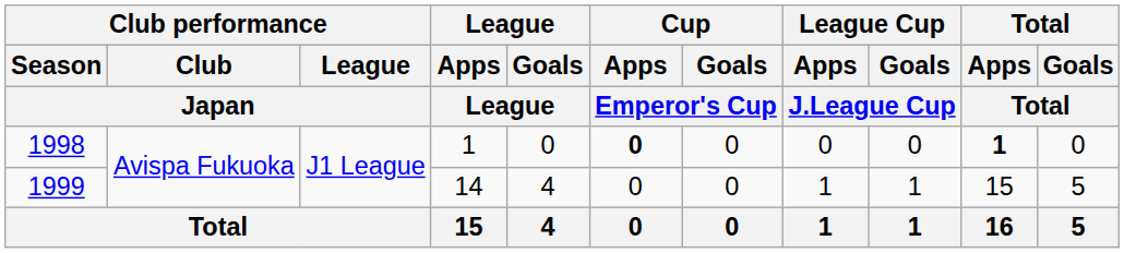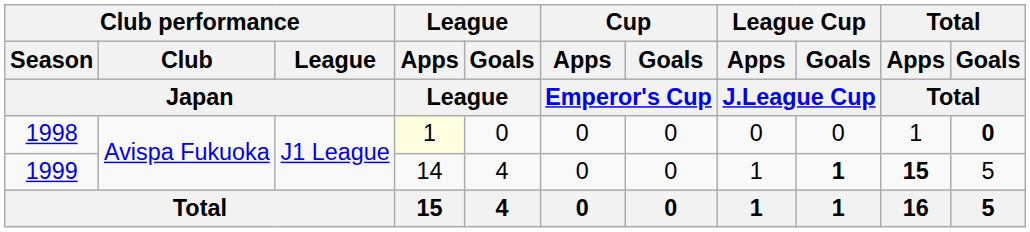 <table class="wikitable" style="text-align:center;">
 <tr>
 <th colspan=3>Club performance</th>
 <th colspan=2>League</th>
 <th colspan=2>Cup</th>
 <th colspan=2>League Cup</th>
 <th colspan=2>Total</th>
 </tr>
 <tr>
 <th>Season</th>
 <th>Club</th>
 <th>League</th>
 <th>Apps</th>
 <th>Goals</th>
 <th>Apps</th>
 <th>Goals</th>
 <th>Apps</th>
 <th>Goals</th>
 <th>Apps</th>
 <th>Goals</th>
 </tr>
 <tr>
 <th colspan=3>Japan</th>
 <th colspan=2>League</th>
 <th colspan=2><a href='#'>Emperor's Cup</a></th>
 <th colspan=2><a href='#'>J.League Cup</a></th>
 <th colspan=2>Total</th>
 </tr>
 <tr>
 <td><a href='#'>1998</a></td>
 <td rowspan="2"><a href='#'>Avispa Fukuoka</a></td>
 <td rowspan="2"><a href='#'>J1 League</a></td>
-<td>1</td>
-<td>0</td>
-<td><strong>0</strong></td>
+<td style="background: lightyellow;">1</td>
 <td>0</td>
 <td>0</td>
 <td>0</td>
-<td><strong>1</strong></td>
 <td>0</td>
+<td>0</td>
+<td>1</td>
+<td><strong>0</strong></td>
 </tr>
 <tr>
 <td><a href='#'>1999</a></td>
 <td>14</td>
 <td>4</td>
 <td>0</td>
 <td>0</td>
 <td>1</td>
-<td>1</td>
-<td>15</td>
+<td><strong>1</strong></td>
+<td><strong>15</strong></td>
 <td>5</td>
 </tr>
 <tr>
 <th colspan=3>Total</th>
 <th>15</th>
 <th>4</th>
 <th>0</th>
 <th>0</th>
 <th>1</th>
 <th>1</th>
 <th>16</th>
 <th>5</th>
 </tr>
 </table>
